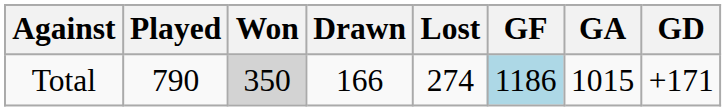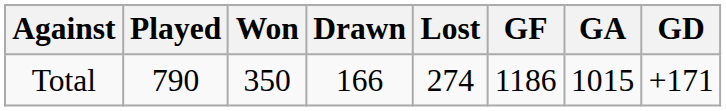 <table class="wikitable" style="text-align: center; font-size: 100%;">
 <tr>
 <th>Against</th>
 <th>Played</th>
 <th>Won</th>
 <th>Drawn</th>
 <th>Lost</th>
 <th>GF</th>
 <th>GA</th>
 <th>GD</th>
 </tr>
 <tr>
 <td>Total</td>
 <td>790</td>
-<td style="background: lightgrey;">350</td>
+<td>350</td>
 <td>166</td>
 <td>274</td>
-<td style="background: lightblue;">1186</td>
+<td>1186</td>
 <td>1015</td>
 <td>+171</td>
 </tr>
 </table>
